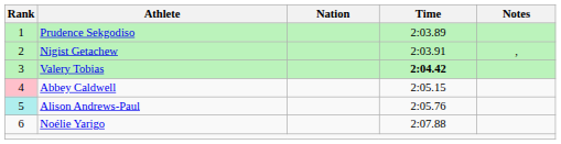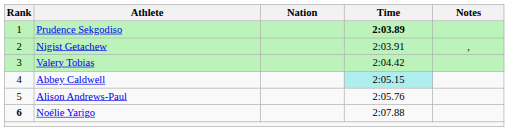 <table class="wikitable sortable" style="text-align:center;width: 60%;">
 <tr>
 <th scope="col" style="width: 10px;">Rank</th>
 <th scope="col">Athlete</th>
 <th scope="col">Nation</th>
 <th scope="col">Time</th>
 <th scope="col">Notes</th>
 </tr>
 <tr bgcolor=bbf3bb>
 <td>1</td>
 <td align=left><a href='#'>Prudence Sekgodiso</a></td>
 <td align=left></td>
-<td>2:03.89</td>
+<td><strong>2:03.89</strong></td>
 <td></td>
 </tr>
 <tr bgcolor=bbf3bb>
 <td>2</td>
 <td align=left><a href='#'>Nigist Getachew</a></td>
 <td align=left></td>
 <td>2:03.91</td>
 <td>, </td>
 </tr>
 <tr bgcolor=bbf3bb>
 <td>3</td>
 <td align=left><a href='#'>Valery Tobias</a></td>
 <td align=left></td>
-<td><strong>2:04.42</strong></td>
+<td>2:04.42</td>
 <td></td>
 </tr>
 <tr>
-<td style="background: pink;">4</td>
+<td>4</td>
 <td align=left><a href='#'>Abbey Caldwell</a></td>
 <td align=left></td>
-<td>2:05.15</td>
+<td style="background: paleturquoise;">2:05.15</td>
 <td></td>
 </tr>
 <tr>
-<td style="background: paleturquoise;">5</td>
+<td>5</td>
 <td align=left><a href='#'>Alison Andrews-Paul</a></td>
 <td align=left></td>
 <td>2:05.76</td>
 <td></td>
 </tr>
 <tr>
-<td>6</td>
+<td><strong>6</strong></td>
 <td align=left><a href='#'>Noélie Yarigo</a></td>
 <td align=left></td>
 <td>2:07.88</td>
 <td></td>
 </tr>
 <tr class="sortbottom">
 <td colspan="5"></td>
 </tr>
 </table>
